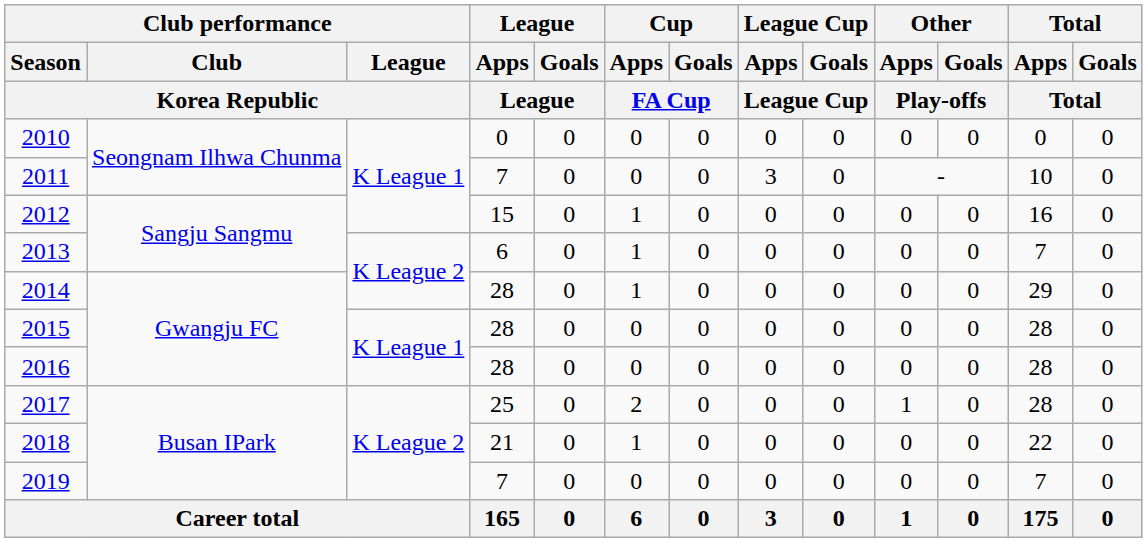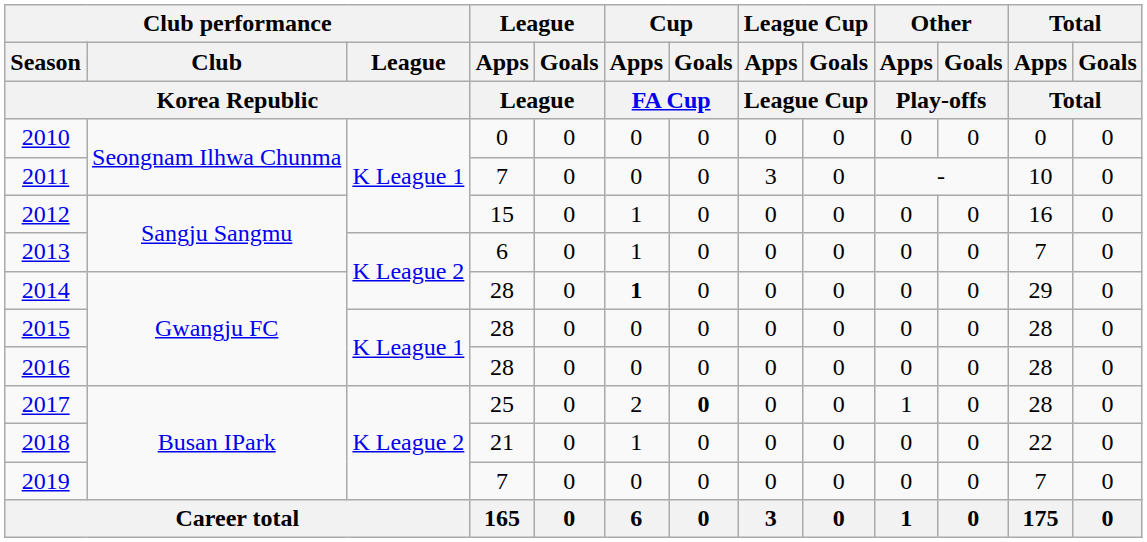 <table class="wikitable" style="text-align:center;">
 <tr>
 <th colspan=3>Club performance</th>
 <th colspan=2>League</th>
 <th colspan=2>Cup</th>
 <th colspan=2>League Cup</th>
 <th colspan=2>Other</th>
 <th colspan=2>Total</th>
 </tr>
 <tr>
 <th>Season</th>
 <th>Club</th>
 <th>League</th>
 <th>Apps</th>
 <th>Goals</th>
 <th>Apps</th>
 <th>Goals</th>
 <th>Apps</th>
 <th>Goals</th>
 <th>Apps</th>
 <th>Goals</th>
 <th>Apps</th>
 <th>Goals</th>
 </tr>
 <tr>
 <th colspan=3>Korea Republic</th>
 <th colspan=2>League</th>
 <th colspan=2><a href='#'>FA Cup</a></th>
 <th colspan=2>League Cup</th>
 <th colspan=2>Play-offs</th>
 <th colspan=2>Total</th>
 </tr>
 <tr>
 <td><a href='#'>2010</a></td>
 <td rowspan=2><a href='#'>Seongnam Ilhwa Chunma</a></td>
 <td rowspan=3><a href='#'>K League 1</a></td>
 <td>0</td>
 <td>0</td>
 <td>0</td>
 <td>0</td>
 <td>0</td>
 <td>0</td>
 <td>0</td>
 <td>0</td>
 <td>0</td>
 <td>0</td>
 </tr>
 <tr>
 <td><a href='#'>2011</a></td>
 <td>7</td>
 <td>0</td>
 <td>0</td>
 <td>0</td>
 <td>3</td>
 <td>0</td>
 <td colspan="2">-</td>
 <td>10</td>
 <td>0</td>
 </tr>
 <tr>
 <td><a href='#'>2012</a></td>
 <td rowspan=2><a href='#'>Sangju Sangmu</a></td>
 <td>15</td>
 <td>0</td>
 <td>1</td>
 <td>0</td>
 <td>0</td>
 <td>0</td>
 <td>0</td>
 <td>0</td>
 <td>16</td>
 <td>0</td>
 </tr>
 <tr>
 <td><a href='#'>2013</a></td>
 <td rowspan=2><a href='#'>K League 2</a></td>
 <td>6</td>
 <td>0</td>
 <td>1</td>
 <td>0</td>
 <td>0</td>
 <td>0</td>
 <td>0</td>
 <td>0</td>
 <td>7</td>
 <td>0</td>
 </tr>
 <tr>
 <td><a href='#'>2014</a></td>
 <td rowspan=3><a href='#'>Gwangju FC</a></td>
 <td>28</td>
 <td>0</td>
-<td>1</td>
+<td><strong>1</strong></td>
 <td>0</td>
 <td>0</td>
 <td>0</td>
 <td>0</td>
 <td>0</td>
 <td>29</td>
 <td>0</td>
 </tr>
 <tr>
 <td><a href='#'>2015</a></td>
 <td rowspan=2><a href='#'>K League 1</a></td>
 <td>28</td>
 <td>0</td>
 <td>0</td>
 <td>0</td>
 <td>0</td>
 <td>0</td>
 <td>0</td>
 <td>0</td>
 <td>28</td>
 <td>0</td>
 </tr>
 <tr>
 <td><a href='#'>2016</a></td>
 <td>28</td>
 <td>0</td>
 <td>0</td>
 <td>0</td>
 <td>0</td>
 <td>0</td>
 <td>0</td>
 <td>0</td>
 <td>28</td>
 <td>0</td>
 </tr>
 <tr>
 <td><a href='#'>2017</a></td>
 <td rowspan=3><a href='#'>Busan IPark</a></td>
 <td rowspan=3><a href='#'>K League 2</a></td>
 <td>25</td>
 <td>0</td>
 <td>2</td>
-<td>0</td>
+<td><strong>0</strong></td>
 <td>0</td>
 <td>0</td>
 <td>1</td>
 <td>0</td>
 <td>28</td>
 <td>0</td>
 </tr>
 <tr>
 <td><a href='#'>2018</a></td>
 <td>21</td>
 <td>0</td>
 <td>1</td>
 <td>0</td>
 <td>0</td>
 <td>0</td>
 <td>0</td>
 <td>0</td>
 <td>22</td>
 <td>0</td>
 </tr>
 <tr>
 <td><a href='#'>2019</a></td>
 <td>7</td>
 <td>0</td>
 <td>0</td>
 <td>0</td>
 <td>0</td>
 <td>0</td>
 <td>0</td>
 <td>0</td>
 <td>7</td>
 <td>0</td>
 </tr>
 <tr>
 <th colspan=3>Career total</th>
 <th>165</th>
 <th>0</th>
 <th>6</th>
 <th>0</th>
 <th>3</th>
 <th>0</th>
 <th>1</th>
 <th>0</th>
 <th>175</th>
 <th>0</th>
 </tr>
 </table>
